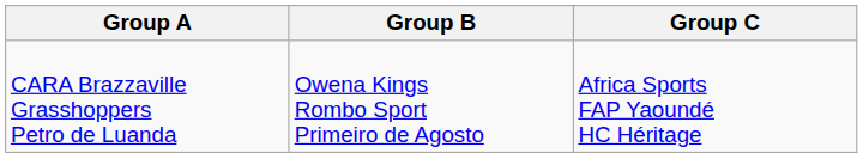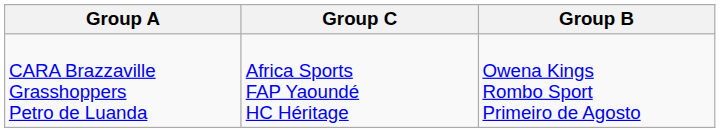 <table class="wikitable">
 <tr>
 <th width=195px>Group A</th>
+<th width=195px>Group C</th>
 <th width=195px>Group B</th>
-<th width=195px>Group C</th>
 </tr>
 <tr>
 <td valign=top><br> <a href='#'>CARA Brazzaville</a><br>  <a href='#'>Grasshoppers</a><br>  <a href='#'>Petro de Luanda</a></td>
+<td valign=top><br> <a href='#'>Africa Sports</a><br>  <a href='#'>FAP Yaoundé</a><br>  <a href='#'>HC Héritage</a></td>
 <td valign=top><br> <a href='#'>Owena Kings</a><br>  <a href='#'>Rombo Sport</a><br>  <a href='#'>Primeiro de Agosto</a></td>
-<td valign=top><br> <a href='#'>Africa Sports</a><br>  <a href='#'>FAP Yaoundé</a><br>  <a href='#'>HC Héritage</a></td>
 </tr>
 </table>
